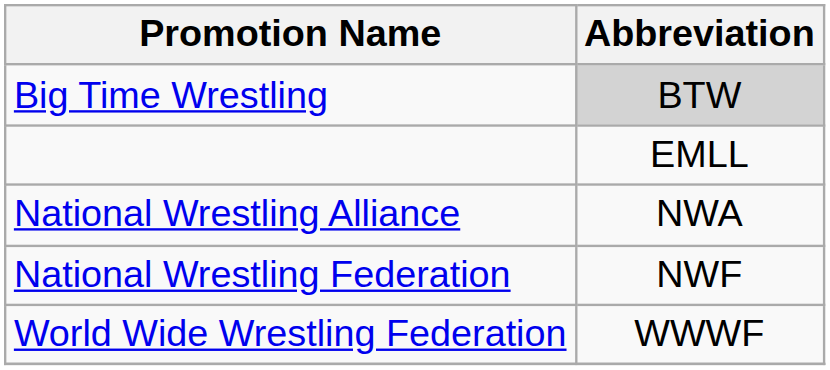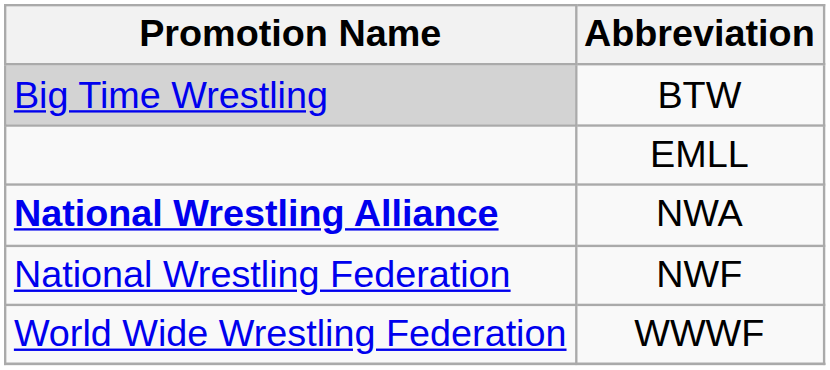 <table class="wikitable">
 <tr>
 <th>Promotion Name</th>
 <th>Abbreviation</th>
 </tr>
 <tr>
-<td><a href='#'>Big Time Wrestling</a></td>
-<td align=center style="background: lightgrey;">BTW</td>
+<td style="background: lightgrey;"><a href='#'>Big Time Wrestling</a></td>
+<td align=center>BTW</td>
 </tr>
 <tr>
 <td></td>
 <td align=center>EMLL</td>
 </tr>
 <tr>
-<td><a href='#'>National Wrestling Alliance</a></td>
+<td><strong><a href='#'>National Wrestling Alliance</a></strong></td>
 <td align=center>NWA</td>
 </tr>
 <tr>
 <td><a href='#'>National Wrestling Federation</a></td>
 <td align=center>NWF</td>
 </tr>
 <tr>
 <td><a href='#'>World Wide Wrestling Federation</a></td>
 <td align=center>WWWF</td>
 </tr>
 <tr>
 </tr>
 </table>
